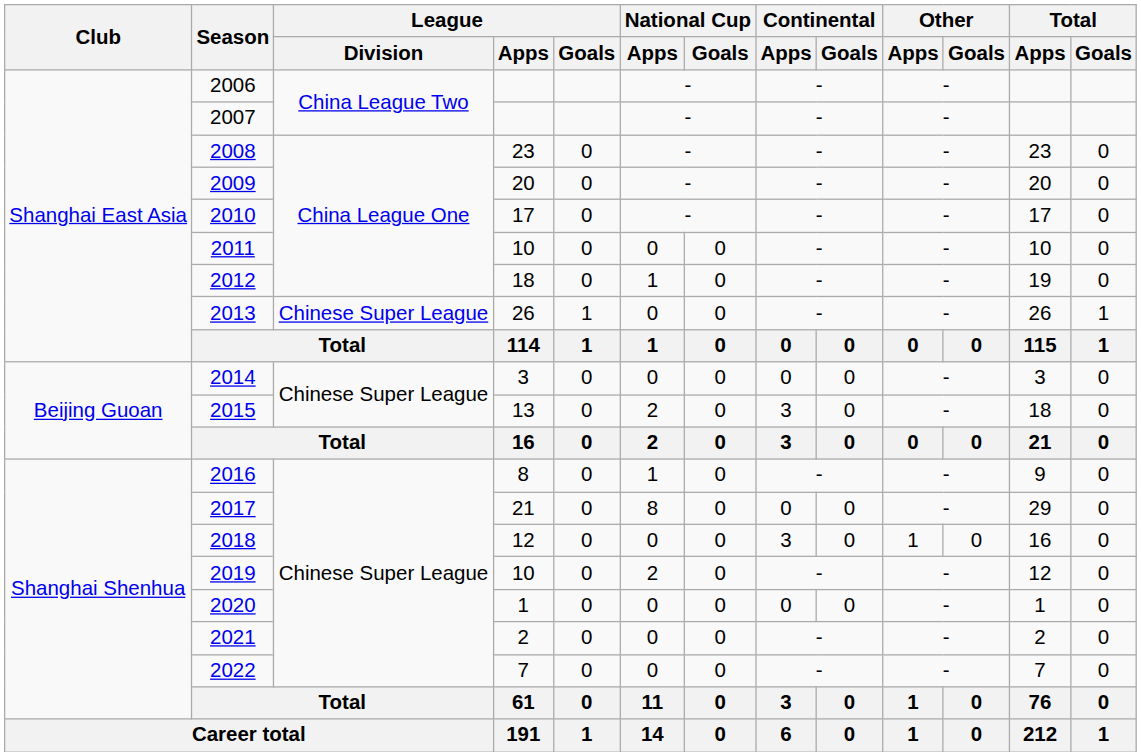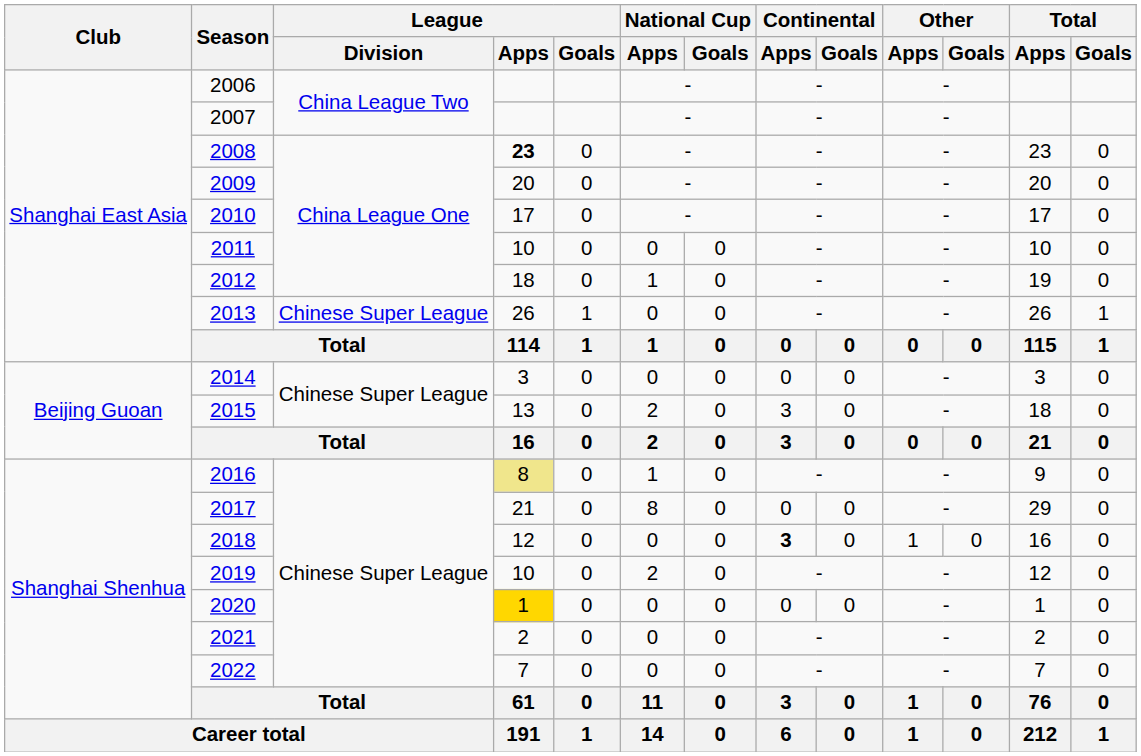 <table class="wikitable" style="text-align: center">
 <tr>
 <th rowspan="2">Club</th>
 <th rowspan="2">Season</th>
 <th colspan="3">League</th>
 <th colspan="2">National Cup</th>
 <th colspan="2">Continental</th>
 <th colspan="2">Other</th>
 <th colspan="2">Total</th>
 </tr>
 <tr>
 <th>Division</th>
 <th>Apps</th>
 <th>Goals</th>
 <th>Apps</th>
 <th>Goals</th>
 <th>Apps</th>
 <th>Goals</th>
 <th>Apps</th>
 <th>Goals</th>
 <th>Apps</th>
 <th>Goals</th>
 </tr>
 <tr>
 <td rowspan="9"><a href='#'>Shanghai East Asia</a></td>
 <td>2006</td>
 <td rowspan="2"><a href='#'>China League Two</a></td>
 <td></td>
 <td></td>
 <td colspan="2">-</td>
 <td colspan="2">-</td>
 <td colspan="2">-</td>
 <td></td>
 <td></td>
 </tr>
 <tr>
 <td>2007</td>
 <td></td>
 <td></td>
 <td colspan="2">-</td>
 <td colspan="2">-</td>
 <td colspan="2">-</td>
 <td></td>
 <td></td>
 </tr>
 <tr>
 <td><a href='#'>2008</a></td>
 <td rowspan="5"><a href='#'>China League One</a></td>
-<td>23</td>
+<td><strong>23</strong></td>
 <td>0</td>
 <td colspan="2">-</td>
 <td colspan="2">-</td>
 <td colspan="2">-</td>
 <td>23</td>
 <td>0</td>
 </tr>
 <tr>
 <td><a href='#'>2009</a></td>
 <td>20</td>
 <td>0</td>
 <td colspan="2">-</td>
 <td colspan="2">-</td>
 <td colspan="2">-</td>
 <td>20</td>
 <td>0</td>
 </tr>
 <tr>
 <td><a href='#'>2010</a></td>
 <td>17</td>
 <td>0</td>
 <td colspan="2">-</td>
 <td colspan="2">-</td>
 <td colspan="2">-</td>
 <td>17</td>
 <td>0</td>
 </tr>
 <tr>
 <td><a href='#'>2011</a></td>
 <td>10</td>
 <td>0</td>
 <td>0</td>
 <td>0</td>
 <td colspan="2">-</td>
 <td colspan="2">-</td>
 <td>10</td>
 <td>0</td>
 </tr>
 <tr>
 <td><a href='#'>2012</a></td>
 <td>18</td>
 <td>0</td>
 <td>1</td>
 <td>0</td>
 <td colspan="2">-</td>
 <td colspan="2">-</td>
 <td>19</td>
 <td>0</td>
 </tr>
 <tr>
 <td><a href='#'>2013</a></td>
 <td><a href='#'>Chinese Super League</a></td>
 <td>26</td>
 <td>1</td>
 <td>0</td>
 <td>0</td>
 <td colspan="2">-</td>
 <td colspan="2">-</td>
 <td>26</td>
 <td>1</td>
 </tr>
 <tr>
 <th colspan="2"><strong>Total</strong></th>
 <th>114</th>
 <th>1</th>
 <th>1</th>
 <th>0</th>
 <th>0</th>
 <th>0</th>
 <th>0</th>
 <th>0</th>
 <th>115</th>
 <th>1</th>
 </tr>
 <tr>
 <td rowspan="3"><a href='#'>Beijing Guoan</a></td>
 <td><a href='#'>2014</a></td>
 <td rowspan=2>Chinese Super League</td>
 <td>3</td>
 <td>0</td>
 <td>0</td>
 <td>0</td>
 <td>0</td>
 <td>0</td>
 <td colspan="2">-</td>
 <td>3</td>
 <td>0</td>
 </tr>
 <tr>
 <td><a href='#'>2015</a></td>
 <td>13</td>
 <td>0</td>
 <td>2</td>
 <td>0</td>
 <td>3</td>
 <td>0</td>
 <td colspan="2">-</td>
 <td>18</td>
 <td>0</td>
 </tr>
 <tr>
 <th colspan="2"><strong>Total</strong></th>
 <th>16</th>
 <th>0</th>
 <th>2</th>
 <th>0</th>
 <th>3</th>
 <th>0</th>
 <th>0</th>
 <th>0</th>
 <th>21</th>
 <th>0</th>
 </tr>
 <tr>
 <td rowspan="8"><a href='#'>Shanghai Shenhua</a></td>
 <td><a href='#'>2016</a></td>
 <td rowspan=7>Chinese Super League</td>
-<td>8</td>
+<td style="background: khaki;">8</td>
 <td>0</td>
 <td>1</td>
 <td>0</td>
 <td colspan="2">-</td>
 <td colspan="2">-</td>
 <td>9</td>
 <td>0</td>
 </tr>
 <tr>
 <td><a href='#'>2017</a></td>
 <td>21</td>
 <td>0</td>
 <td>8</td>
 <td>0</td>
 <td>0</td>
 <td>0</td>
 <td colspan="2">-</td>
 <td>29</td>
 <td>0</td>
 </tr>
 <tr>
 <td><a href='#'>2018</a></td>
 <td>12</td>
 <td>0</td>
 <td>0</td>
 <td>0</td>
-<td>3</td>
+<td><strong>3</strong></td>
 <td>0</td>
 <td>1</td>
 <td>0</td>
 <td>16</td>
 <td>0</td>
 </tr>
 <tr>
 <td><a href='#'>2019</a></td>
 <td>10</td>
 <td>0</td>
 <td>2</td>
 <td>0</td>
 <td colspan="2">-</td>
 <td colspan="2">-</td>
 <td>12</td>
 <td>0</td>
 </tr>
 <tr>
 <td><a href='#'>2020</a></td>
-<td>1</td>
+<td style="background: gold;">1</td>
 <td>0</td>
 <td>0</td>
 <td>0</td>
 <td>0</td>
 <td>0</td>
 <td colspan="2">-</td>
 <td>1</td>
 <td>0</td>
 </tr>
 <tr>
 <td><a href='#'>2021</a></td>
 <td>2</td>
 <td>0</td>
 <td>0</td>
 <td>0</td>
 <td colspan="2">-</td>
 <td colspan="2">-</td>
 <td>2</td>
 <td>0</td>
 </tr>
 <tr>
 <td><a href='#'>2022</a></td>
 <td>7</td>
 <td>0</td>
 <td>0</td>
 <td>0</td>
 <td colspan="2">-</td>
 <td colspan="2">-</td>
 <td>7</td>
 <td>0</td>
 </tr>
 <tr>
 <th colspan="2"><strong>Total</strong></th>
 <th>61</th>
 <th>0</th>
 <th>11</th>
 <th>0</th>
 <th>3</th>
 <th>0</th>
 <th>1</th>
 <th>0</th>
 <th>76</th>
 <th>0</th>
 </tr>
 <tr>
 <th colspan=3>Career total</th>
 <th>191</th>
 <th>1</th>
 <th>14</th>
 <th>0</th>
 <th>6</th>
 <th>0</th>
 <th>1</th>
 <th>0</th>
 <th>212</th>
 <th>1</th>
 </tr>
 </table>
